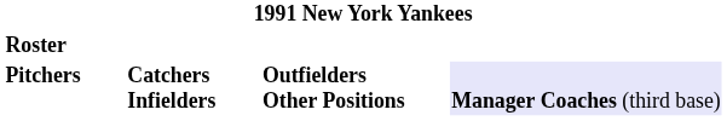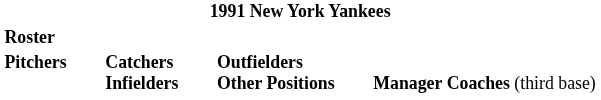 <table class="toccolours" style="font-size: 95%;">
 <tr>
 <th colspan="10">1991 New York Yankees</th>
 </tr>
 <tr>
 <td colspan="10"><strong>Roster</strong></td>
 </tr>
 <tr>
 <td valign="top"><strong>Pitchers</strong><br>                  </td>
 <td width="25px"></td>
 <td valign="top"><strong>Catchers</strong><br>   <strong>Infielders</strong>         </td>
 <td width="25px"></td>
 <td valign="top"><strong>Outfielders</strong><br>        <strong>Other Positions</strong> </td>
 <td width="25px"></td>
-<td valign="top" style="background: lavender;"><br><strong>Manager</strong>  <strong>Coaches</strong>       (third base)</td>
+<td valign="top"><br><strong>Manager</strong>  <strong>Coaches</strong>       (third base)</td>
 </tr>
 </table>
